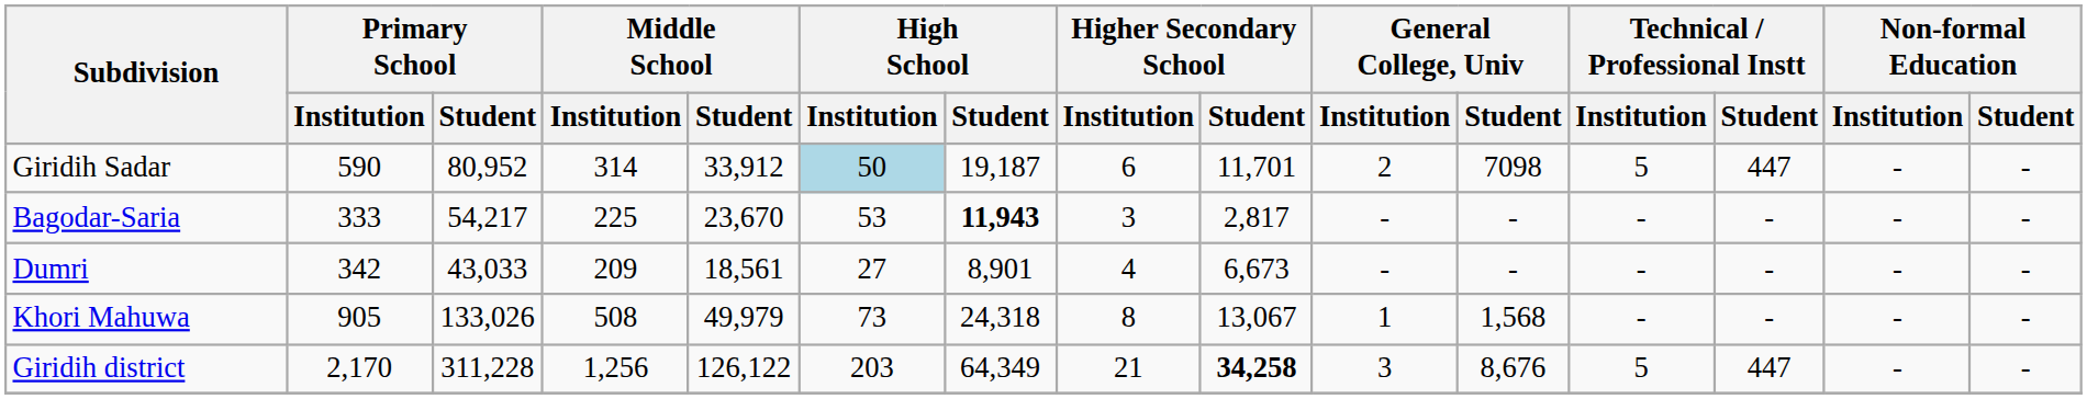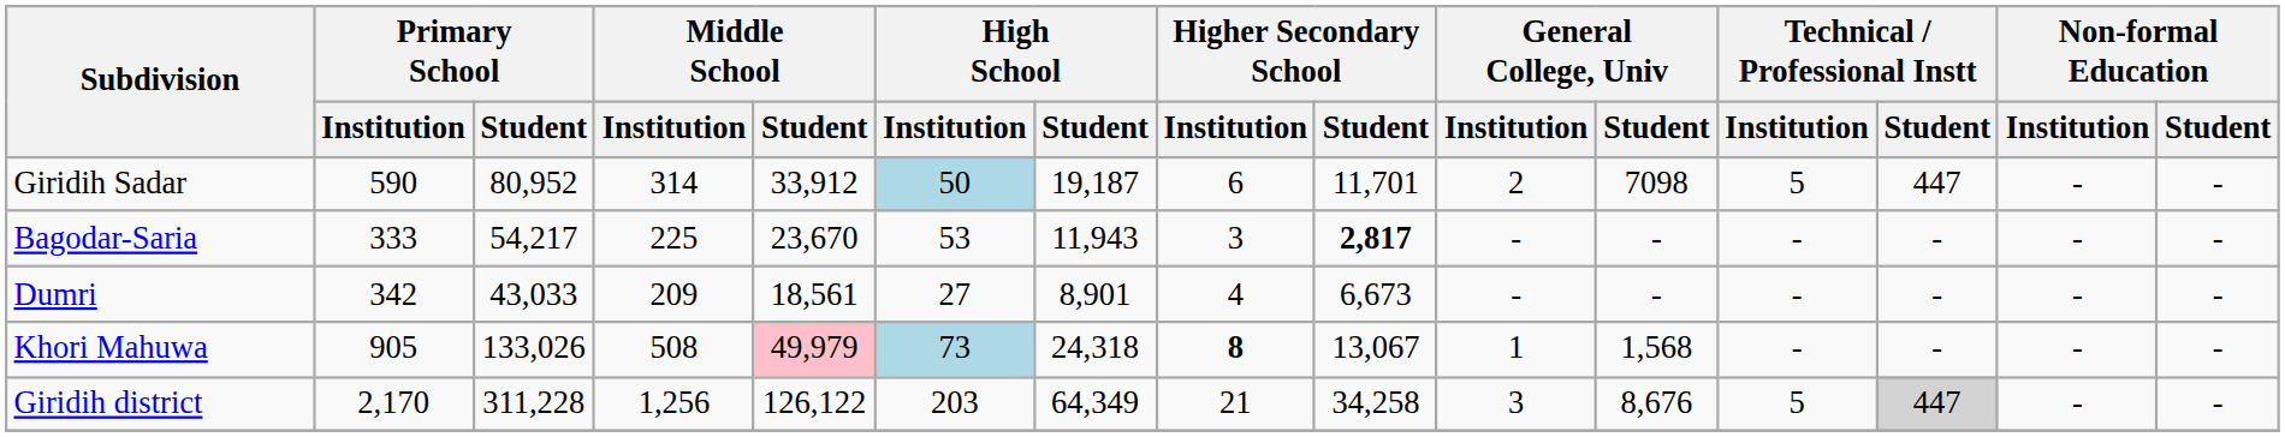 <table class="wikitable" style="text-align:center;font-size: 9pt">
 <tr>
 <th width="110" rowspan="2">Subdivision</th>
 <th colspan="2">Primary<br>School</th>
 <th colspan="2">Middle<br>School</th>
 <th colspan="2">High<br>School</th>
 <th colspan="2">Higher Secondary<br>School</th>
 <th colspan="2">General<br>College, Univ</th>
 <th colspan="2">Technical /<br>Professional Instt</th>
 <th colspan="2">Non-formal<br>Education</th>
 </tr>
 <tr>
 <th width="30">Institution</th>
 <th width="30">Student</th>
 <th width="30">Institution</th>
 <th width="30">Student</th>
 <th width="30">Institution</th>
 <th width="30">Student</th>
 <th width="30">Institution</th>
 <th width="30">Student</th>
 <th width="30">Institution</th>
 <th width="30">Student</th>
 <th width="30">Institution</th>
 <th width="30">Student</th>
 <th width="30">Institution</th>
 <th width="30">Student<br></th>
 </tr>
 <tr>
 <td align=left>Giridih Sadar</td>
 <td align="center">590</td>
 <td align="center">80,952</td>
 <td align="center">314</td>
 <td align="center">33,912</td>
 <td align="center" style="background: lightblue;">50</td>
 <td align="center">19,187</td>
 <td align="center">6</td>
 <td align="center">11,701</td>
 <td align="center">2</td>
 <td align="center">7098</td>
 <td align="center">5</td>
 <td align="center">447</td>
 <td align="center">-</td>
 <td align="center">-</td>
 </tr>
 <tr>
 <td align=left><a href='#'>Bagodar-Saria</a></td>
 <td align="center">333</td>
 <td align="center">54,217</td>
 <td align="center">225</td>
 <td align="center">23,670</td>
 <td align="center">53</td>
-<td align="center"><strong>11,943</strong></td>
+<td align="center">11,943</td>
 <td align="center">3</td>
-<td align="center">2,817</td>
+<td align="center"><strong>2,817</strong></td>
 <td align="center">-</td>
 <td align="center">-</td>
 <td align="center">-</td>
 <td align="center">-</td>
 <td align="center">-</td>
 <td align="center">-</td>
 </tr>
 <tr>
 <td align=left><a href='#'>Dumri</a></td>
 <td align="center">342</td>
 <td align="center">43,033</td>
 <td align="center">209</td>
 <td align="center">18,561</td>
 <td align="center">27</td>
 <td align="center">8,901</td>
 <td align="center">4</td>
 <td align="center">6,673</td>
 <td align="center">-</td>
 <td align="center">-</td>
 <td align="center">-</td>
 <td align="center">-</td>
 <td align="center">-</td>
 <td align="center">-</td>
 </tr>
 <tr>
 <td align=left><a href='#'>Khori Mahuwa</a></td>
 <td align="center">905</td>
 <td align="center">133,026</td>
 <td align="center">508</td>
-<td align="center">49,979</td>
-<td align="center">73</td>
+<td align="center" style="background: pink;">49,979</td>
+<td align="center" style="background: lightblue;">73</td>
 <td align="center">24,318</td>
-<td align="center">8</td>
+<td align="center"><strong>8</strong></td>
 <td align="center">13,067</td>
 <td align="center">1</td>
 <td align="center">1,568</td>
 <td align="center">-</td>
 <td align="center">-</td>
 <td align="center">-</td>
 <td align="center">-</td>
 </tr>
 <tr>
 <td align=left><a href='#'>Giridih district</a></td>
 <td align="center">2,170</td>
 <td align="center">311,228</td>
 <td align="center">1,256</td>
 <td align="center">126,122</td>
 <td align="center">203</td>
 <td align="center">64,349</td>
 <td align="center">21</td>
-<td align="center"><strong>34,258</strong></td>
+<td align="center">34,258</td>
 <td align="center">3</td>
 <td align="center">8,676</td>
 <td align="center">5</td>
-<td align="center">447</td>
+<td align="center" style="background: lightgrey;">447</td>
 <td align="center">-</td>
 <td align="center">-</td>
 </tr>
 <tr>
 </tr>
 </table>
